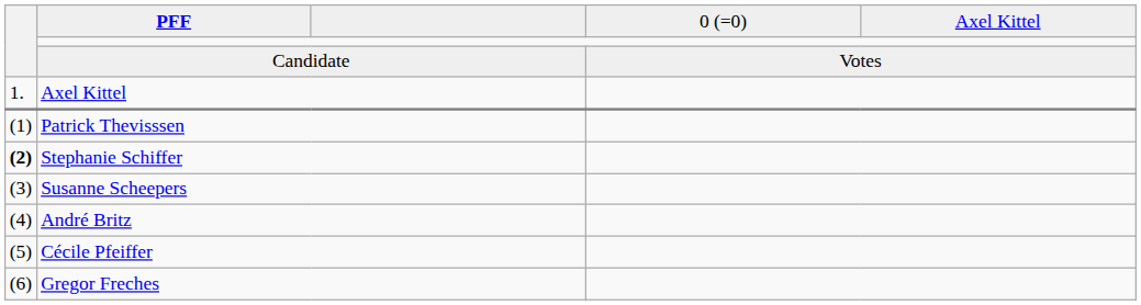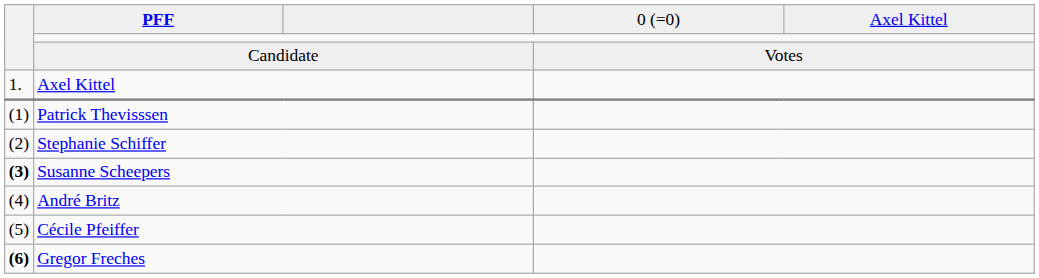 <table class="wikitable collapsible collapsed" style=text-align:left;font-size:90%>
 <tr>
 <th rowspan=3></th>
 <td bgcolor=efefef width=200 align=center><strong> <a href='#'>PFF</a> </strong></td>
 <td bgcolor=efefef width=200 align=center></td>
 <td bgcolor=efefef width=200 align=center>0 (=0)</td>
 <td bgcolor=efefef width=200 align=center><a href='#'>Axel Kittel</a></td>
 </tr>
 <tr>
 <td colspan=4 bgcolor=></td>
 </tr>
 <tr>
 <td bgcolor=efefef align=center colspan=2>Candidate</td>
 <td bgcolor=efefef align=center colspan=2>Votes</td>
 </tr>
 <tr>
 <td>1.</td>
 <td colspan=2><a href='#'>Axel Kittel</a></td>
 <td colspan=2></td>
 </tr>
 <tr style="border-top:2px solid gray;">
 <td>(1)</td>
 <td colspan=2><a href='#'>Patrick Thevisssen</a></td>
 <td colspan=2></td>
 </tr>
 <tr>
-<td><strong>(2)</strong></td>
+<td>(2)</td>
 <td colspan=2><a href='#'>Stephanie Schiffer</a></td>
 <td colspan=2></td>
 </tr>
 <tr>
-<td>(3)</td>
+<td><strong>(3)</strong></td>
 <td colspan=2><a href='#'>Susanne Scheepers</a></td>
 <td colspan=2></td>
 </tr>
 <tr>
 <td>(4)</td>
 <td colspan=2><a href='#'>André Britz</a></td>
 <td colspan=2></td>
 </tr>
 <tr>
 <td>(5)</td>
 <td colspan=2><a href='#'>Cécile Pfeiffer</a></td>
 <td colspan=2></td>
 </tr>
 <tr>
-<td>(6)</td>
+<td><strong>(6)</strong></td>
 <td colspan=2><a href='#'>Gregor Freches</a></td>
 <td colspan=2></td>
 </tr>
 </table>
